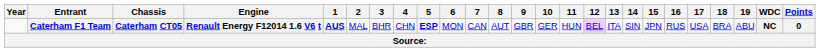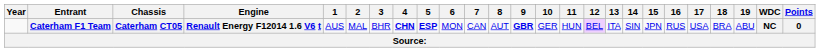 <table class="wikitable" style="text-align:center; font-size:85%">
 <tr>
 <th>Year</th>
 <th>Entrant</th>
 <th>Chassis</th>
 <th>Engine</th>
 <th>1</th>
 <th>2</th>
 <th>3</th>
 <th>4</th>
 <th>5</th>
 <th>6</th>
 <th>7</th>
 <th>8</th>
 <th>9</th>
 <th>10</th>
 <th>11</th>
 <th>12</th>
 <th>13</th>
 <th>14</th>
 <th>15</th>
 <th>16</th>
 <th>17</th>
 <th>18</th>
 <th>19</th>
 <th>WDC</th>
 <th><a href='#'>Points</a></th>
 </tr>
 <tr>
 <td></td>
 <th nowrap><a href='#'>Caterham F1 Team</a></th>
 <th nowrap><a href='#'>Caterham</a> <a href='#'>CT05</a></th>
 <th nowrap><a href='#'>Renault</a> Energy F12014 1.6 <a href='#'>V6</a> <a href='#'>t</a></th>
-<td><strong><a href='#'>AUS</a></strong></td>
+<td><a href='#'>AUS</a></td>
 <td><a href='#'>MAL</a></td>
 <td><a href='#'>BHR</a></td>
-<td><a href='#'>CHN</a></td>
+<td><strong><a href='#'>CHN</a></strong></td>
 <td><strong><a href='#'>ESP</a></strong></td>
 <td><a href='#'>MON</a></td>
 <td><a href='#'>CAN</a></td>
 <td><a href='#'>AUT</a></td>
-<td><a href='#'>GBR</a></td>
+<td><strong><a href='#'>GBR</a></strong></td>
 <td><a href='#'>GER</a></td>
 <td><a href='#'>HUN</a></td>
 <td style="background:#EFCFFF;"><a href='#'>BEL</a><br></td>
 <td><a href='#'>ITA</a></td>
 <td><a href='#'>SIN</a></td>
 <td><a href='#'>JPN</a></td>
 <td><a href='#'>RUS</a></td>
 <td><a href='#'>USA</a></td>
 <td><a href='#'>BRA</a></td>
 <td><a href='#'>ABU</a></td>
 <th>NC</th>
 <th>0</th>
 </tr>
 <tr>
 <th colspan="25">Source:</th>
 </tr>
 </table>
